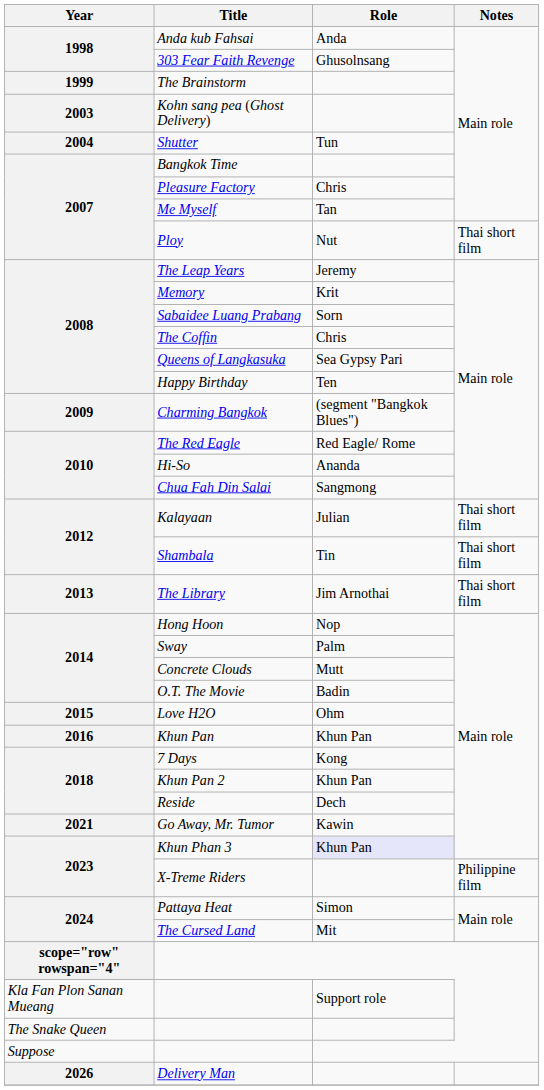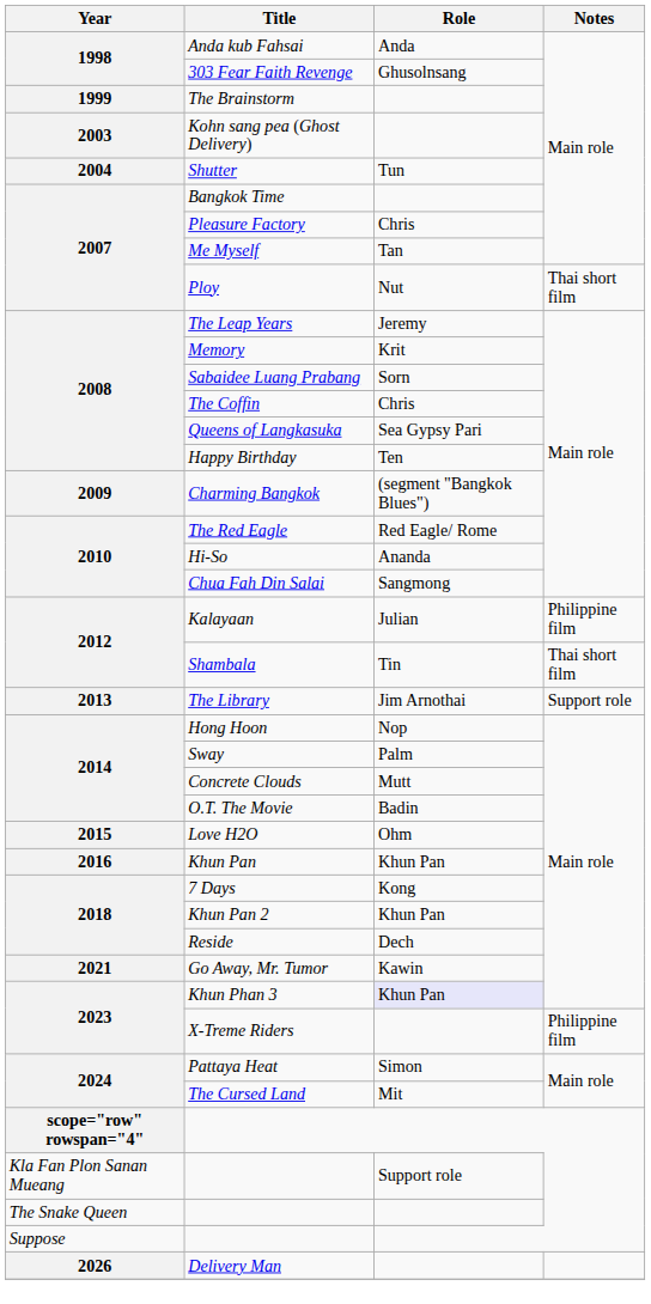 <table class="wikitable sortable plainrowheaders">
 <tr>
 <th scope="col">Year</th>
 <th scope="col">Title</th>
 <th scope="col">Role</th>
 <th class="unsortable" scope="col">Notes</th>
 </tr>
 <tr>
 <th scope="row" rowspan="2">1998</th>
 <td><em>Anda kub Fahsai</em></td>
 <td>Anda</td>
 <td rowspan="8">Main role</td>
 </tr>
 <tr>
 <td><em><a href='#'>303 Fear Faith Revenge</a></em></td>
 <td>Ghusolnsang</td>
 </tr>
 <tr>
 <th scope="row">1999</th>
 <td><em>The Brainstorm</em></td>
 <td></td>
 </tr>
 <tr>
 <th scope="row">2003</th>
 <td><em>Kohn sang pea</em> (<em>Ghost Delivery</em>)</td>
 <td></td>
 </tr>
 <tr>
 <th scope="row">2004</th>
 <td><em><a href='#'>Shutter</a></em></td>
 <td>Tun</td>
 </tr>
 <tr>
 <th scope="row" rowspan="4">2007</th>
 <td><em>Bangkok Time</em></td>
 <td></td>
 </tr>
 <tr>
 <td><em><a href='#'>Pleasure Factory</a></em></td>
 <td>Chris</td>
 </tr>
 <tr>
 <td><em><a href='#'>Me Myself</a></em></td>
 <td>Tan</td>
 </tr>
 <tr>
 <td><em><a href='#'>Ploy</a></em></td>
 <td>Nut</td>
 <td>Thai short film</td>
 </tr>
 <tr>
 <th scope="row" rowspan="6">2008</th>
 <td><em><a href='#'>The Leap Years</a></em></td>
 <td>Jeremy</td>
 <td rowspan="10">Main role</td>
 </tr>
 <tr>
 <td><em><a href='#'>Memory</a></em></td>
 <td>Krit</td>
 </tr>
 <tr>
 <td><em><a href='#'>Sabaidee Luang Prabang</a></em></td>
 <td>Sorn</td>
 </tr>
 <tr>
 <td><em><a href='#'>The Coffin</a></em></td>
 <td>Chris</td>
 </tr>
 <tr>
 <td><em><a href='#'>Queens of Langkasuka</a></em></td>
 <td>Sea Gypsy Pari</td>
 </tr>
 <tr>
 <td><em>Happy Birthday</em></td>
 <td>Ten</td>
 </tr>
 <tr>
 <th scope="row">2009</th>
 <td><em><a href='#'>Charming Bangkok</a></em></td>
 <td>(segment "Bangkok Blues")</td>
 </tr>
 <tr>
 <th scope="row" rowspan="3">2010</th>
 <td><em><a href='#'>The Red Eagle</a></em></td>
 <td>Red Eagle/ Rome</td>
 </tr>
 <tr>
 <td><em>Hi-So</em></td>
 <td>Ananda</td>
 </tr>
 <tr>
 <td><em><a href='#'>Chua Fah Din Salai</a></em></td>
 <td>Sangmong</td>
 </tr>
 <tr>
 <th scope="row" rowspan="2">2012</th>
 <td><em>Kalayaan</em></td>
 <td>Julian</td>
-<td>Thai short film</td>
+<td>Philippine film</td>
 </tr>
 <tr>
 <td><em><a href='#'>Shambala</a></em></td>
 <td>Tin</td>
 <td>Thai short film</td>
 </tr>
 <tr>
 <th scope="row">2013</th>
 <td><em><a href='#'>The Library</a></em></td>
 <td>Jim Arnothai</td>
-<td>Thai short film</td>
+<td>Support role</td>
 </tr>
 <tr>
 <th scope="row" rowspan="4">2014</th>
 <td><em>Hong Hoon</em></td>
 <td>Nop</td>
 <td rowspan="11">Main role</td>
 </tr>
 <tr>
 <td><em>Sway</em></td>
 <td>Palm</td>
 </tr>
 <tr>
 <td><em>Concrete Clouds</em></td>
 <td>Mutt</td>
 </tr>
 <tr>
 <td><em>O.T. The Movie</em></td>
 <td>Badin</td>
 </tr>
 <tr>
 <th scope="row">2015</th>
 <td><em>Love H2O</em></td>
 <td>Ohm</td>
 </tr>
 <tr>
 <th scope="row">2016</th>
 <td><em>Khun Pan</em></td>
 <td>Khun Pan</td>
 </tr>
 <tr>
 <th scope="row" rowspan="3">2018</th>
 <td><em>7 Days</em></td>
 <td>Kong</td>
 </tr>
 <tr>
 <td><em>Khun Pan 2</em></td>
 <td>Khun Pan</td>
 </tr>
 <tr>
 <td><em>Reside</em></td>
 <td>Dech</td>
 </tr>
 <tr>
 <th scope="row">2021</th>
 <td><em>Go Away, Mr. Tumor</em></td>
 <td>Kawin</td>
 </tr>
 <tr>
 <th scope="row" rowspan="2">2023</th>
 <td><em>Khun Phan 3</em></td>
 <td style="background: lavender;">Khun Pan</td>
 </tr>
 <tr>
 <td><em>X-Treme Riders</em></td>
 <td></td>
 <td>Philippine film</td>
 </tr>
 <tr>
 <th scope="row" rowspan="2">2024</th>
 <td><em>Pattaya Heat</em></td>
 <td>Simon</td>
 <td rowspan="2">Main role</td>
 </tr>
 <tr>
 <td><em><a href='#'>The Cursed Land</a></em></td>
 <td>Mit</td>
 </tr>
 <tr>
 <th>scope="row" rowspan="4"</th>
 </tr>
 <tr>
 <td><em>Kla Fan Plon Sanan Mueang</em></td>
 <td></td>
 <td>Support role</td>
 </tr>
 <tr>
 <td><em>The Snake Queen</em></td>
 <td></td>
 <td></td>
 </tr>
 <tr>
 <td><em>Suppose</em></td>
 <td></td>
 </tr>
 <tr>
 <th scope="row">2026</th>
 <td><em><a href='#'>Delivery Man</a></em></td>
 <td></td>
 <td></td>
 </tr>
 <tr>
 </tr>
 </table>
